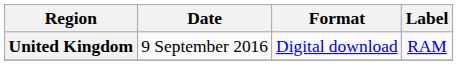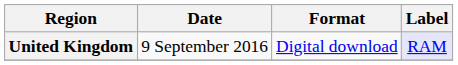 <table class="wikitable sortable plainrowheaders" style="text-align:center">
 <tr>
 <th>Region</th>
 <th>Date</th>
 <th>Format</th>
 <th>Label</th>
 </tr>
 <tr>
 <th scope="row">United Kingdom</th>
 <td>9 September 2016</td>
 <td><a href='#'>Digital download</a></td>
-<td><a href='#'>RAM</a></td>
+<td style="background: lavender;"><a href='#'>RAM</a></td>
 </tr>
 <tr>
 </tr>
 </table>
